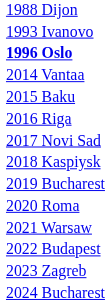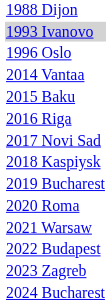 <table>
 <tr>
 <td><a href='#'>1988 Dijon</a></td>
 <td></td>
 <td></td>
 <td></td>
 </tr>
 <tr>
-<td><a href='#'>1993 Ivanovo</a></td>
+<td style="background: lightgrey;"><a href='#'>1993 Ivanovo</a></td>
 <td></td>
 <td></td>
 <td></td>
 </tr>
 <tr>
-<td><strong><a href='#'>1996 Oslo</a></strong></td>
+<td><a href='#'>1996 Oslo</a></td>
 <td></td>
 <td></td>
 <td></td>
 </tr>
 <tr>
 <td rowspan=2><a href='#'>2014 Vantaa</a></td>
 <td rowspan=2></td>
 <td rowspan=2></td>
 <td></td>
 </tr>
 <tr>
 <td></td>
 </tr>
 <tr>
 <td rowspan=2><a href='#'>2015 Baku</a></td>
 <td rowspan=2></td>
 <td rowspan=2></td>
 <td></td>
 </tr>
 <tr>
 <td></td>
 </tr>
 <tr>
 <td rowspan=2><a href='#'>2016 Riga</a></td>
 <td rowspan=2></td>
 <td rowspan=2></td>
 <td></td>
 </tr>
 <tr>
 <td></td>
 </tr>
 <tr>
 <td rowspan=2><a href='#'>2017 Novi Sad</a></td>
 <td rowspan=2></td>
 <td rowspan=2></td>
 <td></td>
 </tr>
 <tr>
 <td></td>
 </tr>
 <tr>
 <td rowspan=2><a href='#'>2018 Kaspiysk</a></td>
 <td rowspan=2></td>
 <td rowspan=2></td>
 <td></td>
 </tr>
 <tr>
 <td></td>
 </tr>
 <tr>
 <td rowspan=2><a href='#'>2019 Bucharest</a></td>
 <td rowspan=2></td>
 <td rowspan=2></td>
 <td></td>
 </tr>
 <tr>
 <td></td>
 </tr>
 <tr>
 <td rowspan=2><a href='#'>2020 Roma</a></td>
 <td rowspan=2></td>
 <td rowspan=2></td>
 <td></td>
 </tr>
 <tr>
 <td></td>
 </tr>
 <tr>
 <td rowspan=2><a href='#'>2021 Warsaw</a></td>
 <td rowspan=2></td>
 <td rowspan=2></td>
 <td></td>
 </tr>
 <tr>
 <td></td>
 </tr>
 <tr>
 <td rowspan=2><a href='#'>2022 Budapest</a></td>
 <td rowspan=2></td>
 <td rowspan=2></td>
 <td></td>
 </tr>
 <tr>
 <td></td>
 </tr>
 <tr>
 <td rowspan=2><a href='#'>2023 Zagreb</a></td>
 <td rowspan=2></td>
 <td rowspan=2></td>
 <td></td>
 </tr>
 <tr>
 <td></td>
 </tr>
 <tr>
 <td rowspan=2><a href='#'>2024 Bucharest</a></td>
 <td rowspan=2></td>
 <td rowspan=2></td>
 <td></td>
 </tr>
 <tr>
 <td></td>
 </tr>
 </table>
